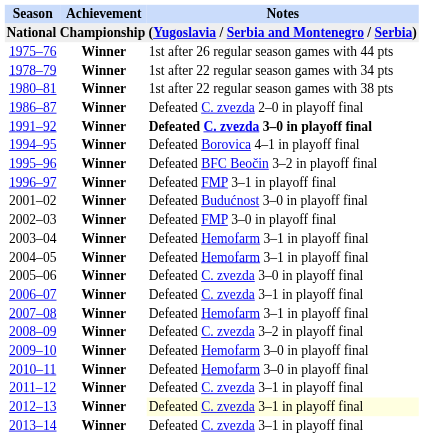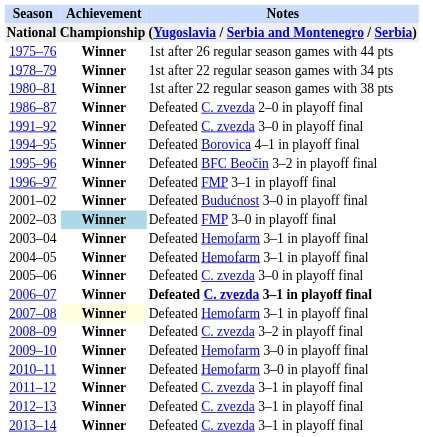 <table class="toccolours" border="0" cellpadding="2" cellspacing="0" align="left" style="margin:0.5em;">
 <tr bgcolor=#CADCFB>
 <th>Season</th>
 <th>Achievement</th>
 <th>Notes</th>
 </tr>
 <tr>
 <th colspan="4" bgcolor=#EFEFEF>National Championship (<a href='#'>Yugoslavia</a> / <a href='#'>Serbia and Montenegro</a> / <a href='#'>Serbia</a>)</th>
 </tr>
 <tr>
 <td align="center"><a href='#'>1975–76</a></td>
 <td align="center"><strong>Winner</strong></td>
 <td align="left">1st after 26 regular season games with 44 pts</td>
 </tr>
 <tr>
 <td align="center"><a href='#'>1978–79</a></td>
 <td align="center"><strong>Winner</strong></td>
 <td align="left">1st after 22 regular season games with 34 pts</td>
 </tr>
 <tr>
 <td align="center"><a href='#'>1980–81</a></td>
 <td align="center"><strong>Winner</strong></td>
 <td align="left">1st after 22 regular season games with 38 pts</td>
 </tr>
 <tr>
 <td align="center"><a href='#'>1986–87</a></td>
 <td align="center"><strong>Winner</strong></td>
 <td align="left">Defeated <a href='#'>C. zvezda</a> 2–0 in playoff final</td>
 </tr>
 <tr>
 <td align="center"><a href='#'>1991–92</a></td>
 <td align="center"><strong>Winner</strong></td>
-<td align="left"><strong>Defeated <a href='#'>C. zvezda</a> 3–0 in playoff final</strong></td>
+<td align="left">Defeated <a href='#'>C. zvezda</a> 3–0 in playoff final</td>
 </tr>
 <tr>
 <td align="center"><a href='#'>1994–95</a></td>
 <td align="center"><strong>Winner</strong></td>
 <td align="left">Defeated <a href='#'>Borovica</a> 4–1 in playoff final</td>
 </tr>
 <tr>
 <td align="center"><a href='#'>1995–96</a></td>
 <td align="center"><strong>Winner</strong></td>
 <td align="left">Defeated <a href='#'>BFC Beočin</a> 3–2 in playoff final</td>
 </tr>
 <tr>
 <td align="center"><a href='#'>1996–97</a></td>
 <td align="center"><strong>Winner</strong></td>
 <td align="left">Defeated <a href='#'>FMP</a> 3–1 in playoff final</td>
 </tr>
 <tr>
 <td align="center">2001–02</td>
 <td align="center"><strong>Winner</strong></td>
 <td align="left">Defeated <a href='#'>Budućnost</a> 3–0 in playoff final</td>
 </tr>
 <tr>
 <td align="center">2002–03</td>
-<td align="center"><strong>Winner</strong></td>
+<td align="center" style="background: lightblue;"><strong>Winner</strong></td>
 <td align="left">Defeated <a href='#'>FMP</a> 3–0 in playoff final</td>
 </tr>
 <tr>
 <td align="center">2003–04</td>
 <td align="center"><strong>Winner</strong></td>
 <td align="left">Defeated <a href='#'>Hemofarm</a> 3–1 in playoff final</td>
 </tr>
 <tr>
 <td align="center">2004–05</td>
 <td align="center"><strong>Winner</strong></td>
 <td align="left">Defeated <a href='#'>Hemofarm</a> 3–1 in playoff final</td>
 </tr>
 <tr>
 <td align="center">2005–06</td>
 <td align="center"><strong>Winner</strong></td>
 <td align="left">Defeated <a href='#'>C. zvezda</a> 3–0 in playoff final</td>
 </tr>
 <tr>
 <td align="center"><a href='#'>2006–07</a></td>
 <td align="center"><strong>Winner</strong></td>
-<td align="left">Defeated <a href='#'>C. zvezda</a> 3–1 in playoff final</td>
+<td align="left"><strong>Defeated <a href='#'>C. zvezda</a> 3–1 in playoff final</strong></td>
 </tr>
 <tr>
 <td align="center"><a href='#'>2007–08</a></td>
-<td align="center"><strong>Winner</strong></td>
+<td align="center" style="background: lightyellow;"><strong>Winner</strong></td>
 <td align="left">Defeated <a href='#'>Hemofarm</a> 3–1 in playoff final</td>
 </tr>
 <tr>
 <td align="center"><a href='#'>2008–09</a></td>
 <td align="center"><strong>Winner</strong></td>
 <td align="left">Defeated <a href='#'>C. zvezda</a> 3–2 in playoff final</td>
 </tr>
 <tr>
 <td align="center"><a href='#'>2009–10</a></td>
 <td align="center"><strong>Winner</strong></td>
 <td align="left">Defeated <a href='#'>Hemofarm</a> 3–0 in playoff final</td>
 </tr>
 <tr>
 <td align="center"><a href='#'>2010–11</a></td>
 <td align="center"><strong>Winner</strong></td>
 <td align="left">Defeated <a href='#'>Hemofarm</a> 3–0 in playoff final</td>
 </tr>
 <tr>
 <td align="center"><a href='#'>2011–12</a></td>
 <td align="center"><strong>Winner</strong></td>
 <td align="left">Defeated <a href='#'>C. zvezda</a> 3–1 in playoff final</td>
 </tr>
 <tr>
 <td align="center"><a href='#'>2012–13</a></td>
 <td align="center"><strong>Winner</strong></td>
-<td align="left" style="background: lightyellow;">Defeated <a href='#'>C. zvezda</a> 3–1 in playoff final</td>
+<td align="left">Defeated <a href='#'>C. zvezda</a> 3–1 in playoff final</td>
 </tr>
 <tr>
 <td align="center"><a href='#'>2013–14</a></td>
 <td align="center"><strong>Winner</strong></td>
 <td align="left">Defeated <a href='#'>C. zvezda</a> 3–1 in playoff final</td>
 </tr>
 </table>
